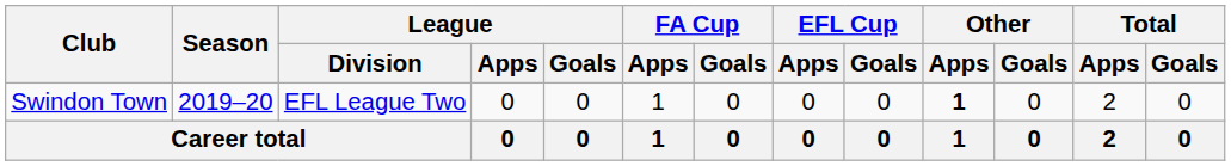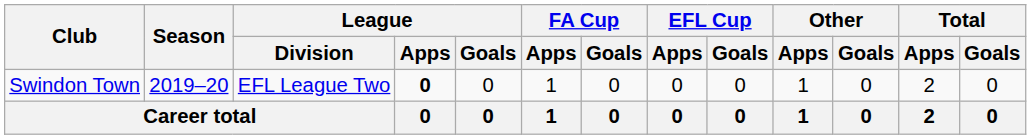 <table class="wikitable" style="text-align:center;">
 <tr>
 <th rowspan="2">Club</th>
 <th rowspan="2">Season</th>
 <th colspan="3">League</th>
 <th colspan="2"><a href='#'>FA Cup</a></th>
 <th colspan="2"><a href='#'>EFL Cup</a></th>
 <th colspan="2">Other</th>
 <th colspan="2">Total</th>
 </tr>
 <tr>
 <th>Division</th>
 <th>Apps</th>
 <th>Goals</th>
 <th>Apps</th>
 <th>Goals</th>
 <th>Apps</th>
 <th>Goals</th>
 <th>Apps</th>
 <th>Goals</th>
 <th>Apps</th>
 <th>Goals</th>
 </tr>
 <tr>
 <td><a href='#'>Swindon Town</a></td>
 <td><a href='#'>2019–20</a></td>
 <td><a href='#'>EFL League Two</a></td>
-<td>0</td>
+<td><strong>0</strong></td>
 <td>0</td>
 <td>1</td>
 <td>0</td>
 <td>0</td>
 <td>0</td>
-<td><strong>1</strong></td>
+<td>1</td>
 <td>0</td>
 <td>2</td>
 <td>0</td>
 </tr>
 <tr>
 <th colspan="3">Career total</th>
 <th>0</th>
 <th>0</th>
 <th>1</th>
 <th>0</th>
 <th>0</th>
 <th>0</th>
 <th>1</th>
 <th>0</th>
 <th>2</th>
 <th>0</th>
 </tr>
 </table>
